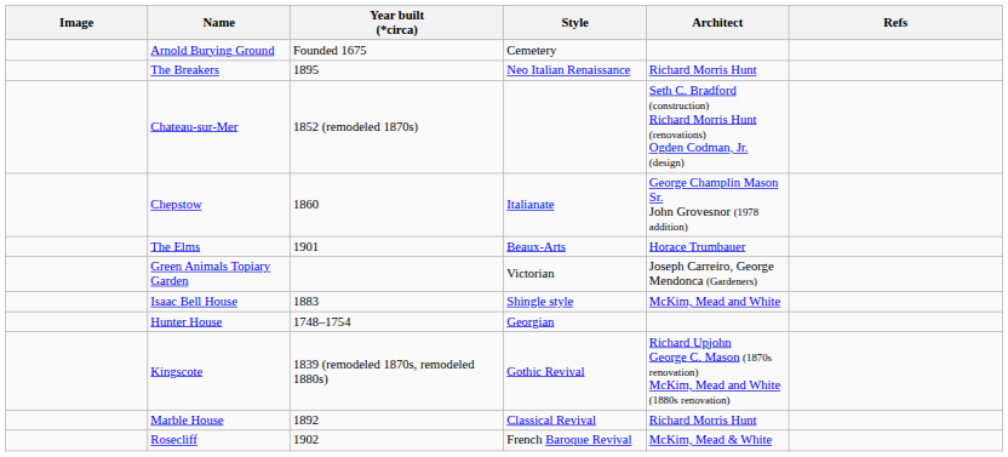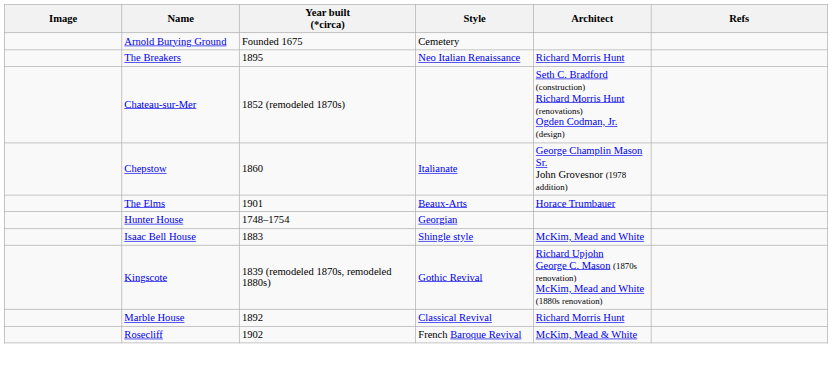 <table class="sortable wikitable">
 <tr>
 <th class="unsortable" scope="col" style="width:8%">Image</th>
 <th scope="col" style="width:8%;">Name</th>
 <th scope="col" style="width:12%;">Year built<br>(*circa)</th>
 <th scope="col" style="width:8%;">Style</th>
 <th scope="col" style="width:8%;">Architect</th>
 <th class="unsortable" scope="col" style="width:12%;">Refs</th>
 </tr>
 <tr>
 <td></td>
 <td><a href='#'>Arnold Burying Ground</a></td>
 <td>Founded 1675</td>
 <td>Cemetery</td>
 <td></td>
 <td></td>
 </tr>
 <tr>
 <td></td>
 <td><a href='#'>The Breakers</a></td>
 <td>1895</td>
 <td><a href='#'>Neo Italian Renaissance</a></td>
 <td><a href='#'>Richard Morris Hunt</a></td>
 <td></td>
 </tr>
 <tr>
 <td></td>
 <td><a href='#'>Chateau-sur-Mer</a></td>
 <td>1852 (remodeled 1870s)</td>
 <td></td>
 <td><a href='#'>Seth C. Bradford</a> <small>(construction)</small><br><a href='#'>Richard Morris Hunt</a> <small>(renovations)</small><br><a href='#'>Ogden Codman, Jr.</a>  <small>(design)</small></td>
 <td></td>
 </tr>
 <tr>
 <td></td>
 <td><a href='#'>Chepstow</a></td>
 <td>1860</td>
 <td><a href='#'>Italianate</a></td>
 <td><a href='#'>George Champlin Mason Sr.</a><br>John Grovesnor <small>(1978 addition)</small></td>
 <td></td>
 </tr>
 <tr>
 <td></td>
 <td><a href='#'>The Elms</a></td>
 <td>1901</td>
 <td><a href='#'>Beaux-Arts</a></td>
 <td><a href='#'>Horace Trumbauer</a></td>
 <td></td>
 </tr>
 <tr>
 <td></td>
-<td><a href='#'>Green Animals Topiary Garden</a></td>
+<td><a href='#'>Hunter House</a></td>
+<td>1748–1754</td>
+<td><a href='#'>Georgian</a></td>
 <td></td>
-<td>Victorian</td>
-<td>Joseph Carreiro, George Mendonca <small>(Gardeners)</small></td>
 <td></td>
 </tr>
 <tr>
 <td></td>
 <td><a href='#'>Isaac Bell House</a></td>
 <td>1883</td>
 <td><a href='#'>Shingle style</a></td>
 <td><a href='#'>McKim, Mead and White</a></td>
-<td></td>
-</tr>
-<tr>
-<td></td>
-<td><a href='#'>Hunter House</a></td>
-<td>1748–1754</td>
-<td><a href='#'>Georgian</a></td>
-<td></td>
 <td></td>
 </tr>
 <tr>
 <td></td>
 <td><a href='#'>Kingscote</a></td>
 <td>1839 (remodeled 1870s, remodeled 1880s)</td>
 <td><a href='#'>Gothic Revival</a></td>
 <td><a href='#'>Richard Upjohn</a><br><a href='#'>George C. Mason</a> <small>(1870s renovation)</small><br><a href='#'>McKim, Mead and White</a> <small>(1880s renovation)</small></td>
 <td></td>
 </tr>
 <tr>
 <td></td>
 <td><a href='#'>Marble House</a></td>
 <td>1892</td>
 <td><a href='#'>Classical Revival</a></td>
 <td><a href='#'>Richard Morris Hunt</a></td>
 <td></td>
 </tr>
 <tr>
 <td></td>
 <td><a href='#'>Rosecliff</a></td>
 <td>1902</td>
 <td>French <a href='#'>Baroque Revival</a></td>
 <td><a href='#'>McKim, Mead & White</a></td>
 <td></td>
 </tr>
 </table>
